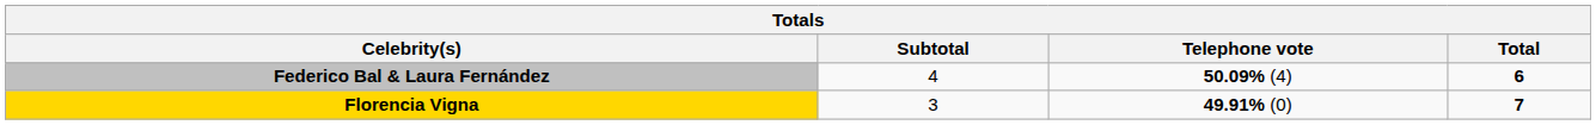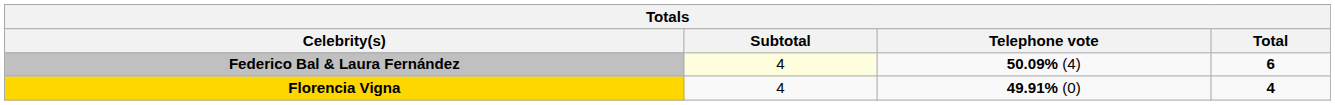 <table class="wikitable collapsible collapsed" style="font-size:90%; text-align: center; width: 100%;">
 <tr>
 <th colspan="11" style="with: 95%;" align=center>Totals</th>
 </tr>
 <tr>
 <th>Celebrity(s)</th>
 <th>Subtotal</th>
 <th>Telephone vote</th>
 <th>Total</th>
 </tr>
 <tr>
 <td bgcolor="silver"><strong>Federico Bal & Laura Fernández</strong></td>
-<td>4</td>
+<td style="background: lightyellow;">4</td>
 <td><strong>50.09%</strong> (4)</td>
 <td><strong>6</strong></td>
 </tr>
 <tr>
 <td bgcolor="gold"><strong>Florencia Vigna</strong></td>
-<td>3</td>
+<td>4</td>
 <td><strong>49.91%</strong> (0)</td>
-<td><strong>7</strong></td>
+<td><strong>4</strong></td>
 </tr>
 </table>
